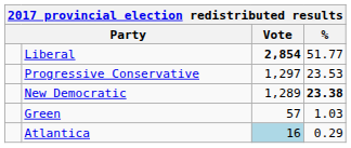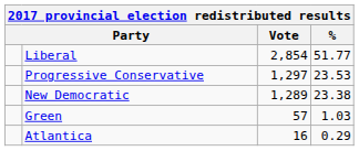 <table class="wikitable">
 <tr>
 <th colspan="4"><a href='#'>2017 provincial election</a> redistributed results</th>
 </tr>
 <tr>
 <th bgcolor="#DDDDFF" width="130px" colspan="2">Party</th>
 <th bgcolor="#DDDDFF" width="50px">Vote</th>
 <th bgcolor="#DDDDFF" width="30px">%</th>
 </tr>
 <tr>
 <td> </td>
 <td><a href='#'>Liberal</a></td>
-<td align=right><strong>2,854</strong></td>
+<td align=right>2,854</td>
 <td align=right>51.77</td>
 </tr>
 <tr>
 <td> </td>
 <td><a href='#'>Progressive Conservative</a></td>
 <td align=right>1,297</td>
 <td align=right>23.53</td>
 </tr>
 <tr>
 <td> </td>
 <td><a href='#'>New Democratic</a></td>
 <td align=right>1,289</td>
-<td align=right><strong>23.38</strong></td>
+<td align=right>23.38</td>
 </tr>
 <tr>
 <td> </td>
 <td><a href='#'>Green</a></td>
 <td align=right>57</td>
 <td align=right>1.03</td>
 </tr>
 <tr>
 <td> </td>
 <td><a href='#'>Atlantica</a></td>
-<td align=right style="background: lightblue;">16</td>
+<td align=right>16</td>
 <td align=right>0.29</td>
 </tr>
 </table>
